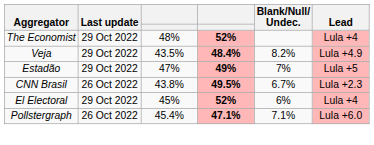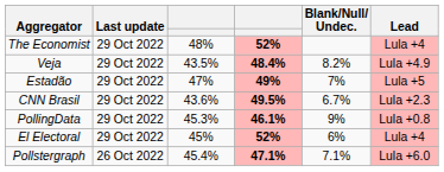 <table class="nowrap wikitable" style="text-align:center;font-size:85%;line-height:14px">
 <tr style="vertical-align:bottom">
 <th rowspan="2">Aggregator</th>
 <th rowspan="2">Last update</th>
 <th style="width:5em"><br></th>
 <th style="width:5em"><br></th>
 <th rowspan="2" style="width:5em">Blank/Null/<br>Undec.</th>
 <th rowspan="2" style="width:5em">Lead</th>
 </tr>
 <tr>
 <th style="background:"></th>
 <th style="background:"></th>
 </tr>
 <tr>
 <td> <em>The Economist</em></td>
 <td>29 Oct 2022</td>
 <td>48%</td>
 <td style="background:#ffb7b7;font-weight:bold">52%</td>
 <td></td>
 <td style="background:#ffb7b7;">Lula +4</td>
 </tr>
 <tr>
 <td> <em>Veja</em></td>
 <td>29 Oct 2022</td>
 <td>43.5% </td>
 <td style="background:#ffb7b7;font-weight:bold">48.4% </td>
 <td>8.2% </td>
 <td style="background:#ffb7b7;">Lula +4.9 </td>
 </tr>
 <tr>
 <td> <em>Estadão</em></td>
 <td>29 Oct 2022</td>
 <td>47%</td>
 <td style="background:#ffb7b7;font-weight:bold">49%</td>
 <td>7%</td>
 <td style="background:#ffb7b7;">Lula +5</td>
 </tr>
 <tr>
 <td> <em>CNN Brasil</em></td>
-<td>26 Oct 2022</td>
-<td>43.8%</td>
+<td>29 Oct 2022</td>
+<td>43.6%</td>
 <td style="background:#ffb7b7;font-weight:bold">49.5%</td>
 <td>6.7%</td>
 <td style="background:#ffb7b7;">Lula +2.3</td>
+</tr>
+<tr>
+<td> <em>PollingData</em></td>
+<td>29 Oct 2022</td>
+<td>45.3%</td>
+<td style="background:#ffb7b7;font-weight:bold">46.1%</td>
+<td>9% </td>
+<td style="background:#ffb7b7;">Lula +0.8</td>
 </tr>
 <tr>
 <td> <em>El Electoral</em></td>
 <td>29 Oct 2022</td>
 <td>45%</td>
 <td style="background:#ffb7b7;font-weight:bold">52%</td>
 <td>6%</td>
 <td style="background:#ffb7b7;">Lula +4</td>
 </tr>
 <tr>
 <td> <em>Pollstergraph</em></td>
 <td>26 Oct 2022</td>
 <td>45.4%</td>
 <td style="background:#ffb7b7;font-weight:bold">47.1%</td>
 <td>7.1%</td>
 <td style="background:#ffb7b7;">Lula +6.0</td>
 </tr>
 </table>
